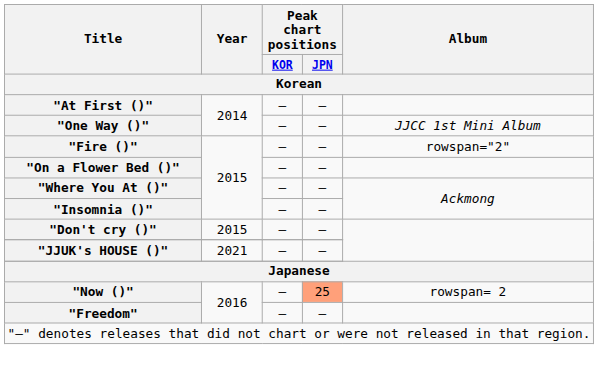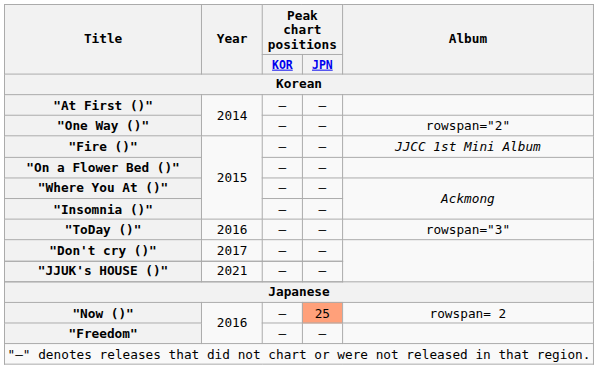 <table class="wikitable plainrowheaders" style="text-align:center;">
 <tr>
 <th scope="col" rowspan="2" style="width:15em;">Title</th>
 <th scope="col" rowspan="2">Year</th>
 <th scope="col" colspan="2">Peak chart positions</th>
 <th scope="col" rowspan="2">Album</th>
 </tr>
 <tr>
 <th scope="col" style="width:3em;font-size:90%;"><a href='#'>KOR</a><br></th>
 <th scope="col" style="width:3em;font-size:90%;"><a href='#'>JPN</a></th>
 </tr>
 <tr>
 <th colspan="5">Korean</th>
 </tr>
 <tr>
 <th scope="row">"At First ()"</th>
 <td rowspan="2">2014</td>
 <td>—</td>
 <td>—</td>
 <td></td>
 </tr>
 <tr>
 <th scope="row">"One Way ()"</th>
 <td>—</td>
 <td>—</td>
-<td><em>JJCC 1st Mini Album</em></td>
+<td>rowspan="2" </td>
 </tr>
 <tr>
 <th scope="row">"Fire ()"</th>
 <td rowspan="4">2015</td>
 <td>—</td>
 <td>—</td>
-<td>rowspan="2" </td>
+<td><em>JJCC 1st Mini Album</em></td>
 </tr>
 <tr>
 <th scope="row">"On a Flower Bed ()"</th>
 <td>—</td>
 <td>—</td>
 </tr>
 <tr>
 <th scope="row">"Where You At ()"</th>
 <td>—</td>
 <td>—</td>
 <td rowspan="2"><em>Ackmong</em></td>
 </tr>
 <tr>
 <th scope="row">"Insomnia ()"</th>
 <td>—</td>
 <td>—</td>
 </tr>
 <tr>
+<th scope="row">"ToDay ()"</th>
+<td>2016</td>
+<td>—</td>
+<td>—</td>
+<td>rowspan="3" </td>
+</tr>
+<tr>
 <th scope="row">"Don't cry ()"</th>
-<td>2015</td>
+<td>2017</td>
 <td>—</td>
 <td>—</td>
 </tr>
 <tr>
 </tr>
 <tr>
 <th scope="row">"JJUK's HOUSE ()"</th>
 <td>2021</td>
 <td>—</td>
 <td>—</td>
 </tr>
 <tr>
 </tr>
 <tr>
 <th colspan="5">Japanese</th>
 </tr>
 <tr>
 <th scope="row">"Now ()"</th>
 <td rowspan= 2>2016</td>
 <td>—</td>
 <td style="background: lightsalmon;">25</td>
 <td>rowspan= 2 </td>
 </tr>
 <tr>
 <th scope="row">"Freedom"</th>
 <td>—</td>
 <td>—</td>
 </tr>
 <tr>
 <td colspan="5" style="tfont-size:8pt;">"—" denotes releases that did not chart or were not released in that region.</td>
 </tr>
 </table>
